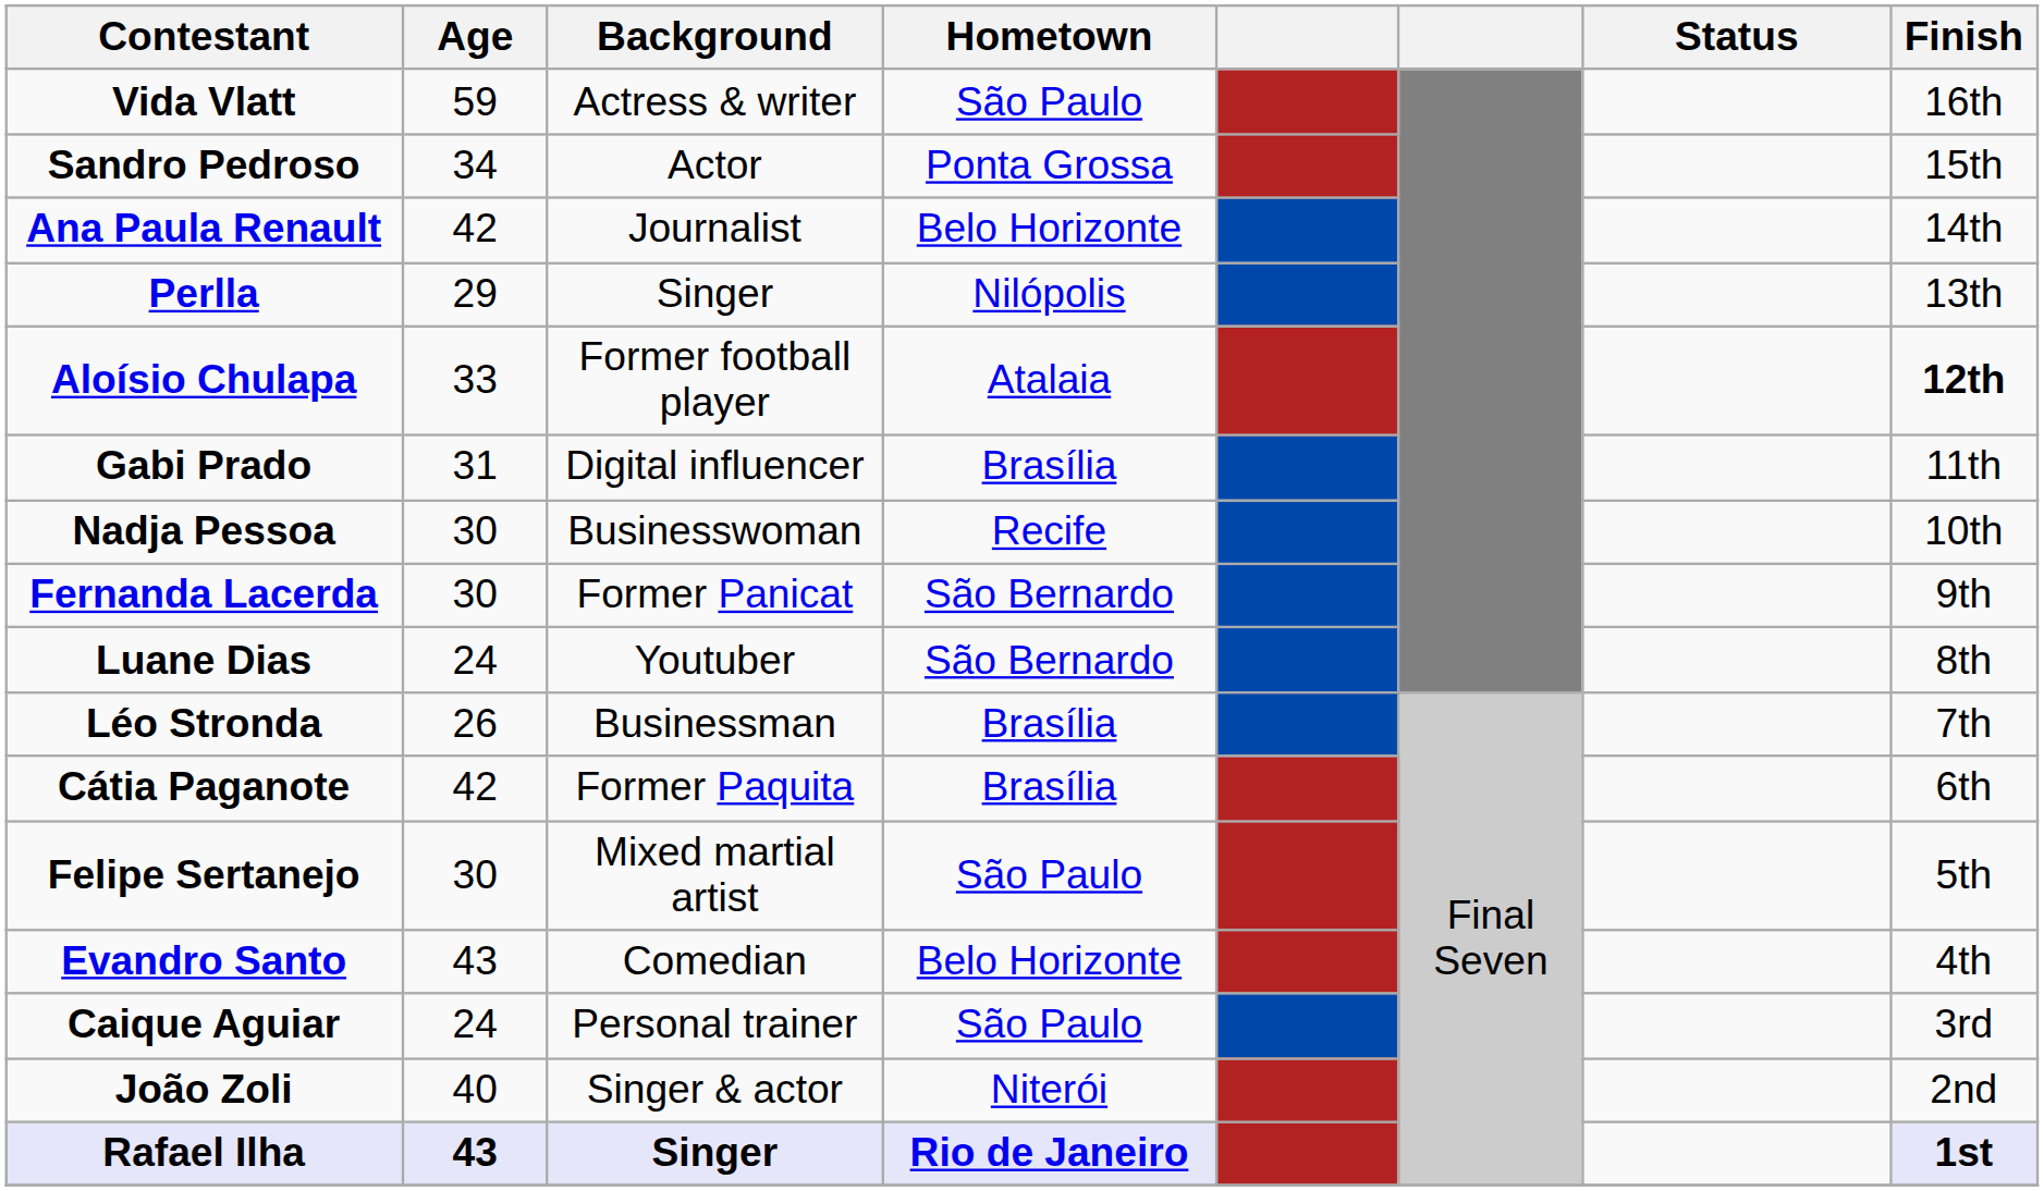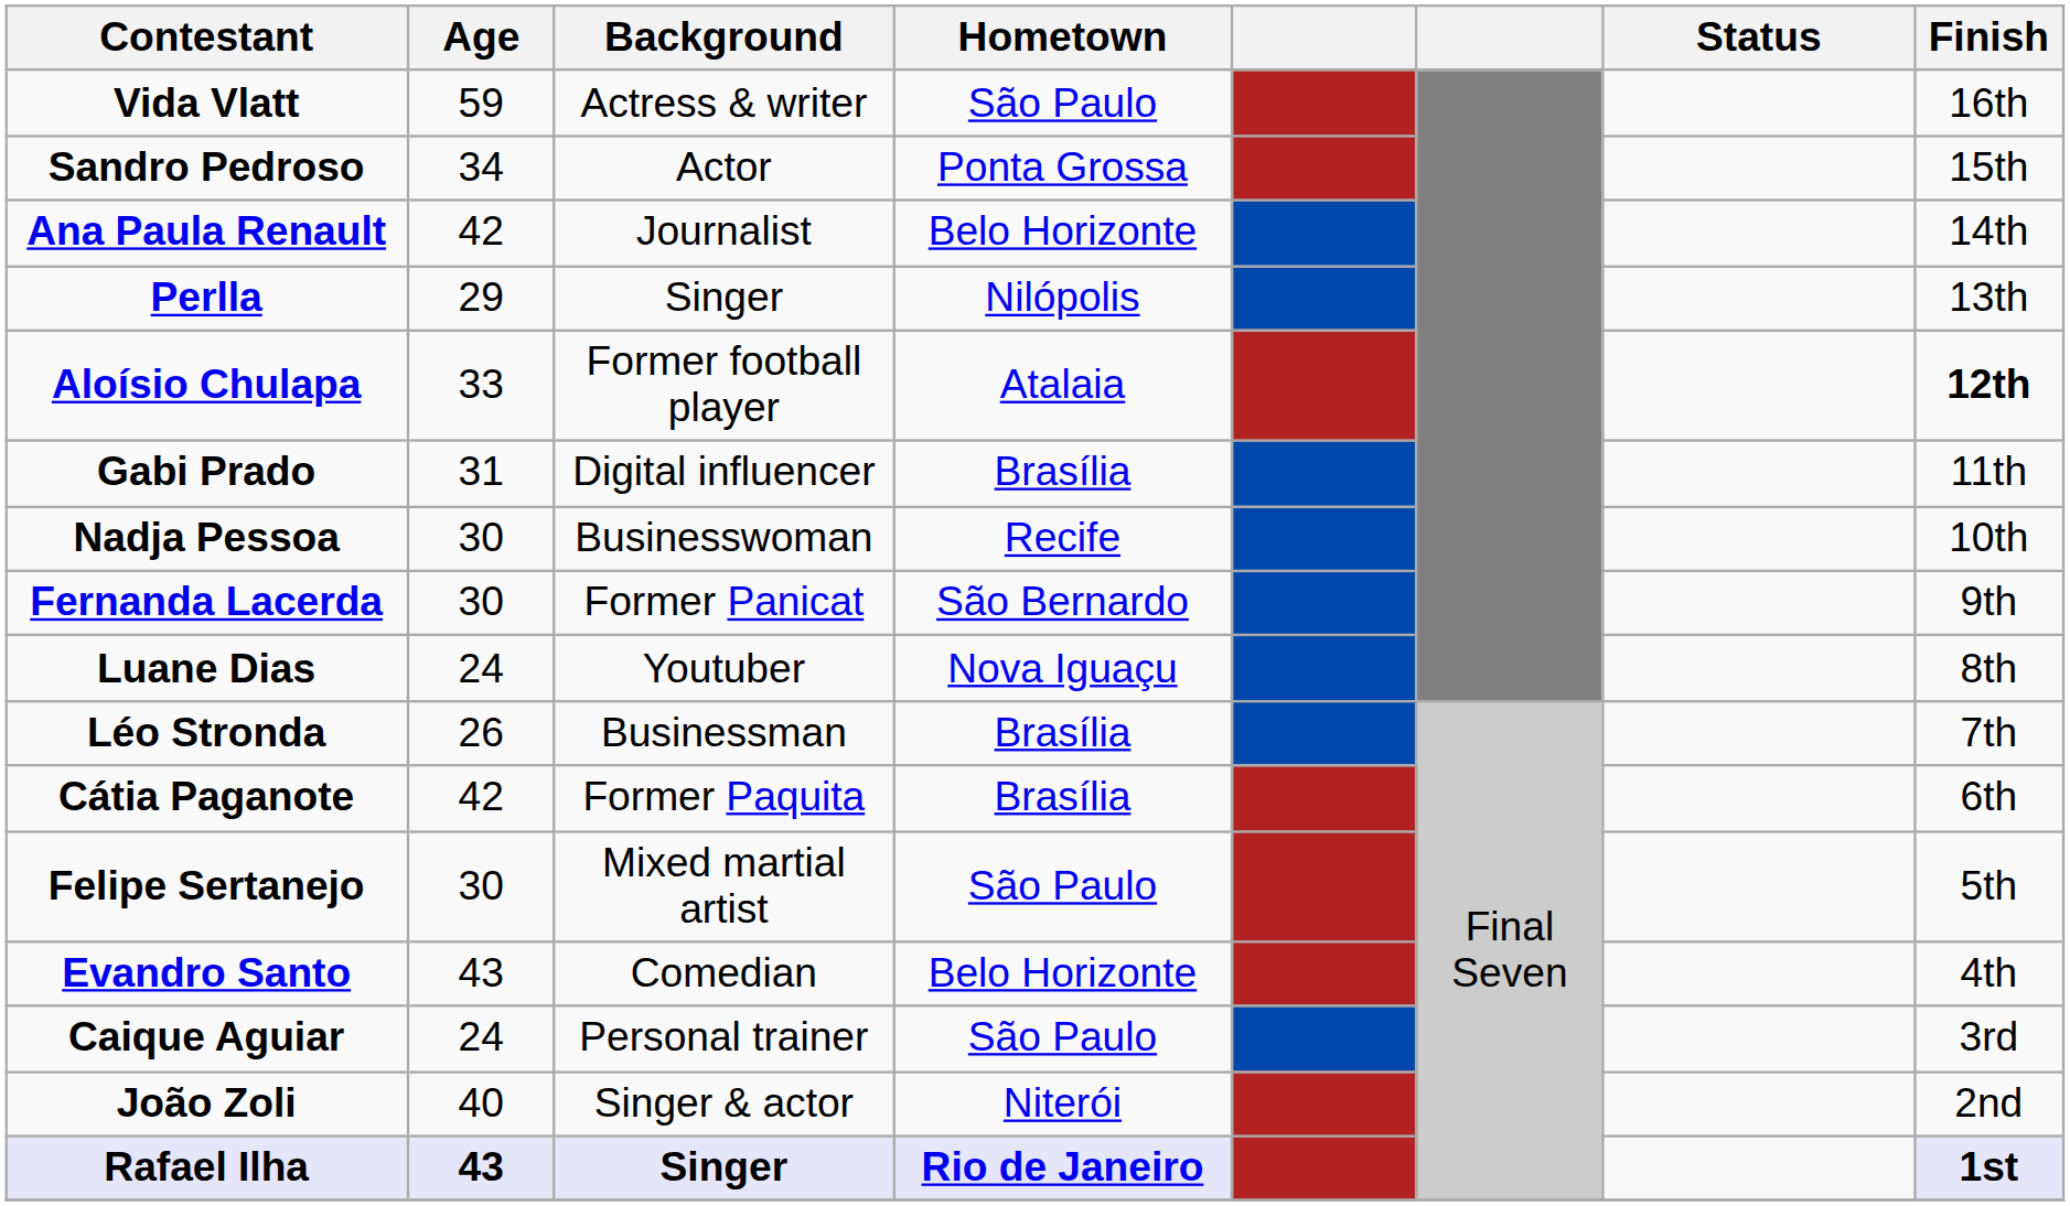 <table class= "wikitable sortable" style="text-align: center; margin:auto; align: center">
 <tr>
 <th width=150>Contestant</th>
 <th width=050>Age</th>
 <th width=125>Background</th>
 <th width=125>Hometown</th>
 <th width=65></th>
 <th width=65></th>
 <th width=115>Status</th>
 <th width=050>Finish</th>
 </tr>
 <tr>
 <td><strong>Vida Vlatt</strong></td>
 <td>59</td>
 <td>Actress & writer</td>
 <td><a href='#'>São Paulo</a></td>
 <td bgcolor=B22222></td>
 <td bgcolor=gray rowspan=9></td>
 <td><br></td>
 <td>16th</td>
 </tr>
 <tr>
 <td><strong>Sandro Pedroso</strong></td>
 <td>34</td>
 <td>Actor</td>
 <td><a href='#'>Ponta Grossa</a></td>
 <td bgcolor=B22222></td>
 <td><br></td>
 <td>15th</td>
 </tr>
 <tr>
 <td nowrap><strong><a href='#'>Ana Paula Renault</a> </strong></td>
 <td>42</td>
 <td>Journalist</td>
 <td><a href='#'>Belo Horizonte</a></td>
 <td bgcolor=0047AB></td>
 <td><br></td>
 <td>14th</td>
 </tr>
 <tr>
 <td><strong><a href='#'>Perlla</a></strong></td>
 <td>29</td>
 <td>Singer</td>
 <td><a href='#'>Nilópolis</a></td>
 <td bgcolor=0047AB></td>
 <td><br></td>
 <td>13th</td>
 </tr>
 <tr>
 <td><strong><a href='#'>Aloísio Chulapa</a></strong></td>
 <td>33</td>
 <td>Former football player</td>
 <td><a href='#'>Atalaia</a></td>
 <td bgcolor=B22222></td>
 <td><br></td>
 <td><strong>12th</strong></td>
 </tr>
 <tr>
 <td><strong>Gabi Prado</strong></td>
 <td>31</td>
 <td>Digital influencer</td>
 <td><a href='#'>Brasília</a></td>
 <td bgcolor=0047AB></td>
 <td><br></td>
 <td>11th</td>
 </tr>
 <tr>
 <td><strong>Nadja Pessoa</strong></td>
 <td>30</td>
 <td>Businesswoman</td>
 <td><a href='#'>Recife</a></td>
 <td bgcolor=0047AB></td>
 <td><br></td>
 <td>10th</td>
 </tr>
 <tr>
 <td><strong><a href='#'>Fernanda Lacerda</a></strong></td>
 <td>30</td>
 <td>Former <a href='#'>Panicat</a></td>
 <td><a href='#'>São Bernardo</a></td>
 <td bgcolor=0047AB></td>
 <td><br></td>
 <td>9th</td>
 </tr>
 <tr>
 <td><strong>Luane Dias</strong></td>
 <td>24</td>
 <td>Youtuber</td>
-<td><a href='#'>São Bernardo</a></td>
+<td><a href='#'>Nova Iguaçu</a></td>
 <td bgcolor=0047AB></td>
 <td><br></td>
 <td>8th</td>
 </tr>
 <tr>
 <td><strong>Léo Stronda</strong></td>
 <td>26</td>
 <td>Businessman</td>
 <td><a href='#'>Brasília</a></td>
 <td bgcolor=0047AB></td>
 <td bgcolor="CCCCCC" rowspan=7><div>Final Seven</div></td>
 <td><br></td>
 <td>7th</td>
 </tr>
 <tr>
 <td><strong>Cátia Paganote</strong></td>
 <td>42</td>
 <td>Former <a href='#'>Paquita</a></td>
 <td><a href='#'>Brasília</a></td>
 <td bgcolor=B22222></td>
 <td><br></td>
 <td>6th</td>
 </tr>
 <tr>
 <td><strong>Felipe Sertanejo</strong></td>
 <td>30</td>
 <td>Mixed martial artist</td>
 <td><a href='#'>São Paulo</a></td>
 <td bgcolor=B22222></td>
 <td><br></td>
 <td>5th</td>
 </tr>
 <tr>
 <td><strong><a href='#'>Evandro Santo</a></strong></td>
 <td>43</td>
 <td>Comedian</td>
 <td><a href='#'>Belo Horizonte</a></td>
 <td bgcolor=B22222></td>
 <td><br></td>
 <td>4th</td>
 </tr>
 <tr>
 <td><strong>Caique Aguiar</strong></td>
 <td>24</td>
 <td>Personal trainer</td>
 <td><a href='#'>São Paulo</a></td>
 <td bgcolor=0047AB></td>
 <td><br></td>
 <td>3rd</td>
 </tr>
 <tr>
 <td><strong>João Zoli</strong></td>
 <td>40</td>
 <td>Singer & actor</td>
 <td><a href='#'>Niterói</a></td>
 <td bgcolor=B22222></td>
 <td><br></td>
 <td>2nd</td>
 </tr>
 <tr>
 <td bgcolor="E6E6FA"><strong>Rafael Ilha</strong></td>
 <td bgcolor="E6E6FA"><strong>43</strong></td>
 <td bgcolor="E6E6FA"><strong>Singer</strong></td>
 <td bgcolor="E6E6FA"><strong><a href='#'>Rio de Janeiro</a></strong></td>
 <td bgcolor=B22222></td>
 <td><br></td>
 <td bgcolor="E6E6FA"><strong>1st</strong></td>
 </tr>
 <tr>
 </tr>
 </table>
